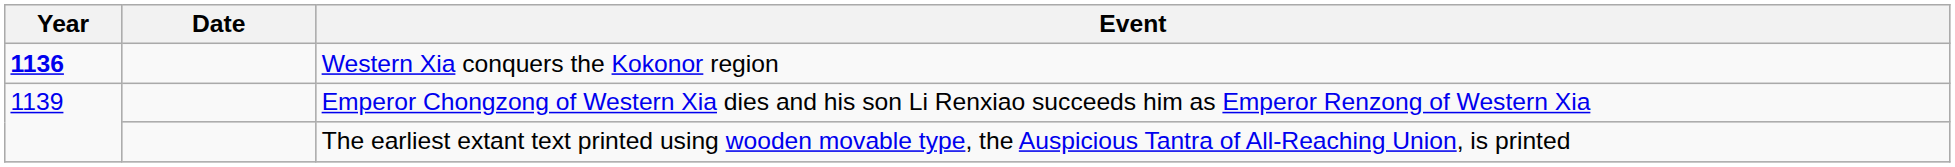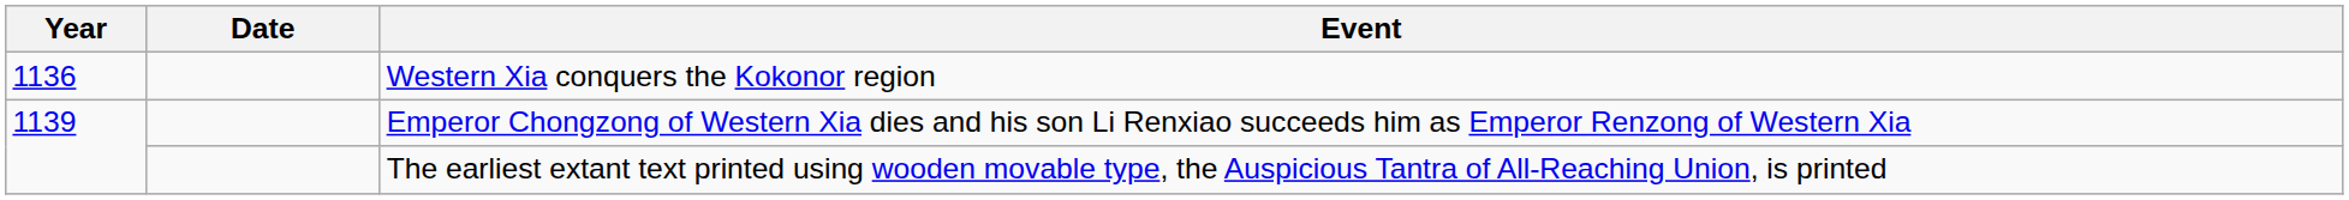 <table class="wikitable" width="100%">
 <tr>
 <th style="width:6%">Year</th>
 <th style="width:10%">Date</th>
 <th>Event</th>
 </tr>
 <tr>
-<td><strong><a href='#'>1136</a></strong></td>
+<td><a href='#'>1136</a></td>
 <td></td>
 <td><a href='#'>Western Xia</a> conquers the <a href='#'>Kokonor</a> region</td>
 </tr>
 <tr>
 <td rowspan="2" valign="top"><a href='#'>1139</a></td>
 <td></td>
 <td><a href='#'>Emperor Chongzong of Western Xia</a> dies and his son Li Renxiao succeeds him as <a href='#'>Emperor Renzong of Western Xia</a></td>
 </tr>
 <tr>
 <td></td>
 <td>The earliest extant text printed using <a href='#'>wooden movable type</a>, the <a href='#'>Auspicious Tantra of All-Reaching Union</a>, is printed</td>
 </tr>
 </table>
